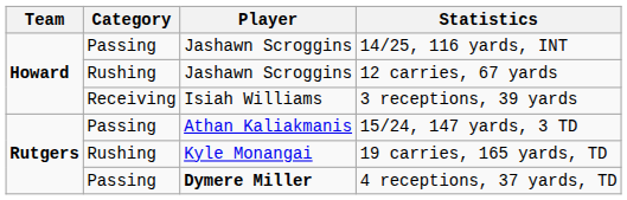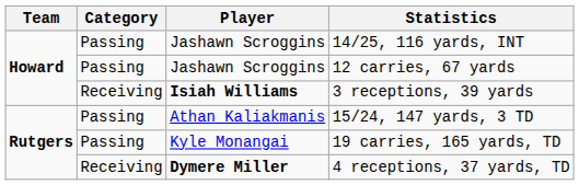 <table class="wikitable" style="float: right;">
 <tr>
 <th>Team</th>
 <th>Category</th>
 <th>Player</th>
 <th>Statistics</th>
 </tr>
 <tr>
 <td rowspan=3><strong>Howard</strong></td>
 <td>Passing</td>
 <td>Jashawn Scroggins</td>
 <td>14/25, 116 yards, INT</td>
 </tr>
 <tr>
-<td>Rushing</td>
+<td>Passing</td>
 <td>Jashawn Scroggins</td>
 <td>12 carries, 67 yards</td>
 </tr>
 <tr>
 <td>Receiving</td>
-<td>Isiah Williams</td>
+<td><strong>Isiah Williams</strong></td>
 <td>3 receptions, 39 yards</td>
 </tr>
 <tr>
 <td rowspan=3><strong>Rutgers</strong></td>
 <td>Passing</td>
 <td><a href='#'>Athan Kaliakmanis</a></td>
 <td>15/24, 147 yards, 3 TD</td>
 </tr>
 <tr>
-<td>Rushing</td>
+<td>Passing</td>
 <td><a href='#'>Kyle Monangai</a></td>
 <td>19 carries, 165 yards, TD</td>
 </tr>
 <tr>
-<td>Passing</td>
+<td>Receiving</td>
 <td><strong>Dymere Miller</strong></td>
 <td>4 receptions, 37 yards, TD</td>
 </tr>
 </table>
